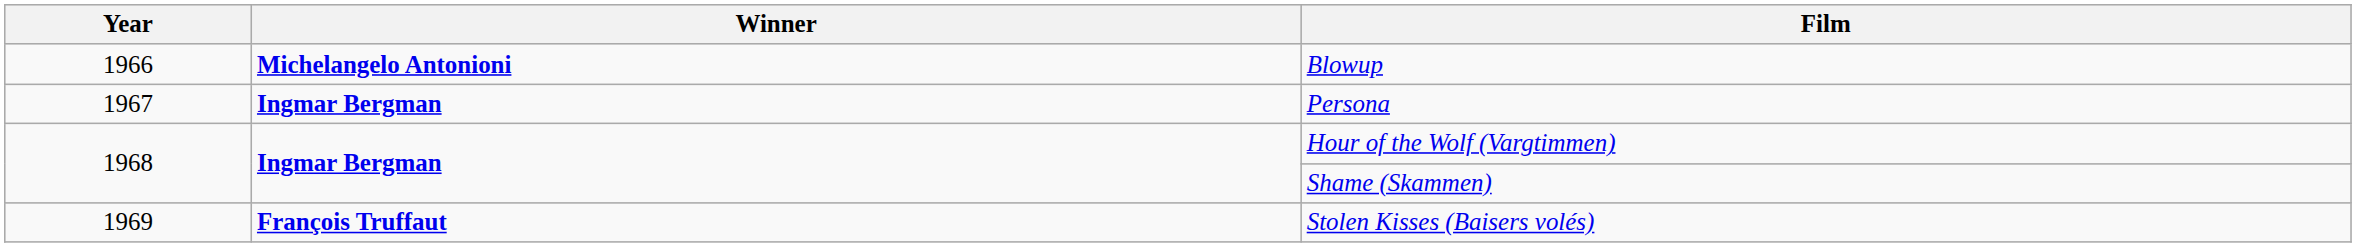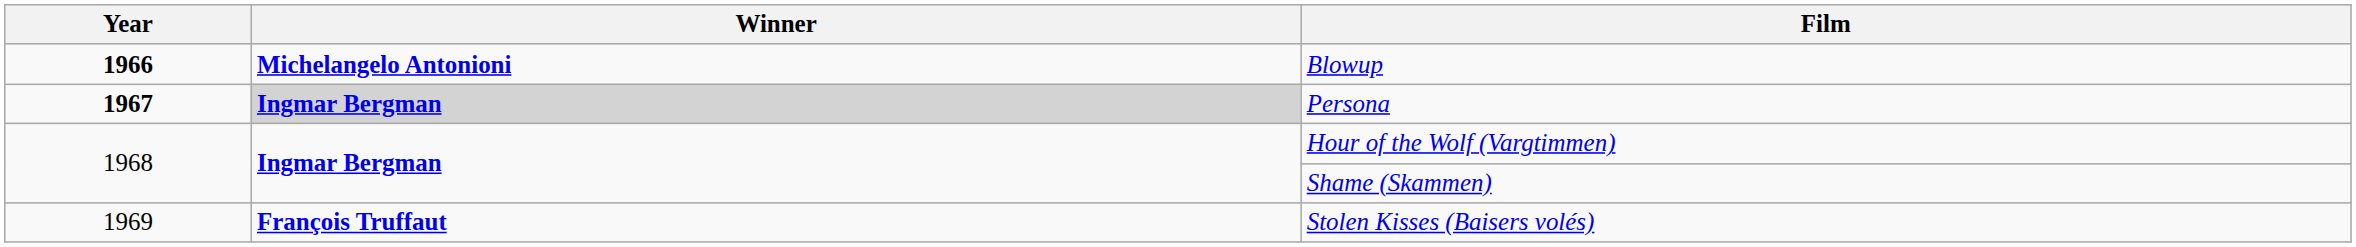 <table class="wikitable" width="95%" cellpadding="5">
 <tr>
 <th width="100"><strong>Year</strong></th>
 <th width="450"><strong>Winner</strong></th>
 <th width="450"><strong>Film</strong></th>
 </tr>
 <tr>
-<td style="text-align:center;">1966</td>
+<td style="text-align:center;"><strong>1966</strong></td>
 <td><strong><a href='#'>Michelangelo Antonioni</a></strong></td>
 <td><em><a href='#'>Blowup</a></em></td>
 </tr>
 <tr>
-<td style="text-align:center;">1967</td>
-<td><strong><a href='#'>Ingmar Bergman</a></strong></td>
+<td style="text-align:center;"><strong>1967</strong></td>
+<td style="background: lightgrey;"><strong><a href='#'>Ingmar Bergman</a></strong></td>
 <td><em><a href='#'>Persona</a></em></td>
 </tr>
 <tr>
 <td rowspan="2" style="text-align:center;">1968</td>
 <td rowspan="2"><strong><a href='#'>Ingmar Bergman</a></strong></td>
 <td><em><a href='#'>Hour of the Wolf (Vargtimmen)</a></em></td>
 </tr>
 <tr>
 <td><em><a href='#'>Shame (Skammen)</a></em></td>
 </tr>
 <tr>
 <td style="text-align:center;">1969</td>
 <td><strong><a href='#'>François Truffaut</a></strong></td>
 <td><em><a href='#'>Stolen Kisses (Baisers volés)</a></em></td>
 </tr>
 </table>
